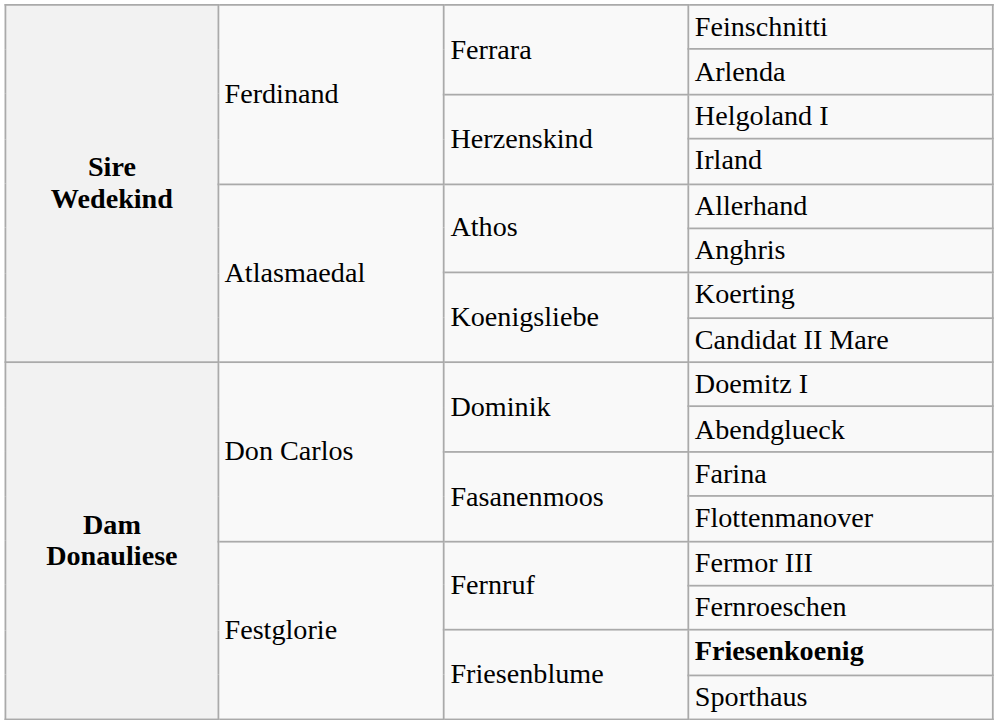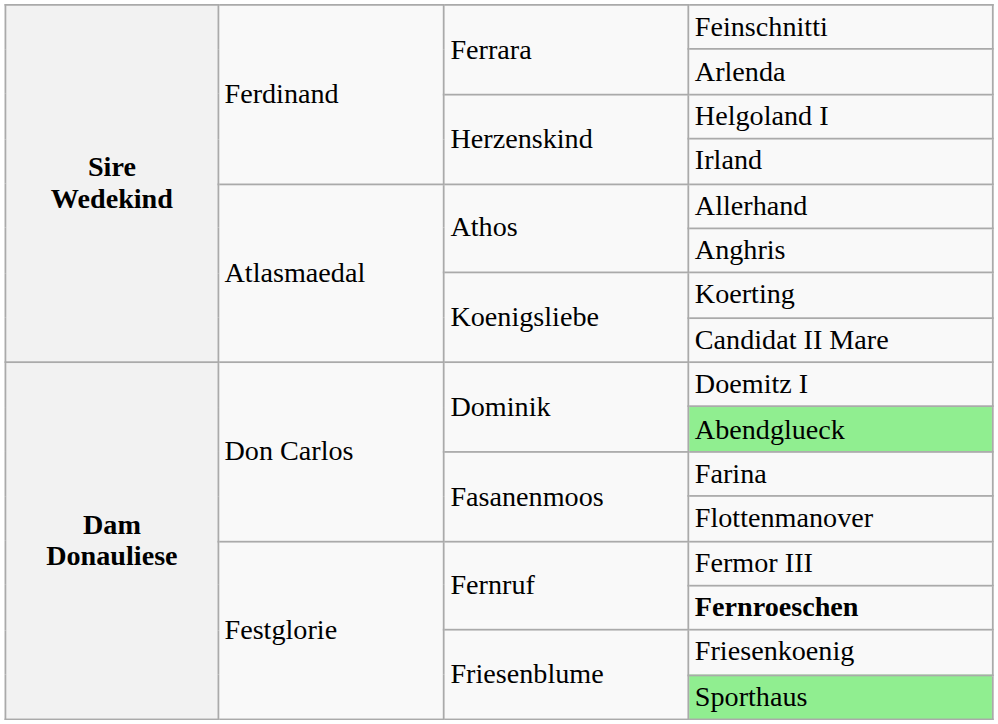 <table class="wikitable" style="clear:both; margin:0em auto; width:90%;">
 <tr>
 <th rowspan="8">Sire<br>Wedekind</th>
 <td rowspan="4">Ferdinand</td>
 <td rowspan="2">Ferrara</td>
 <td>Feinschnitti</td>
 </tr>
 <tr>
 <td>Arlenda</td>
 </tr>
 <tr>
 <td rowspan="2">Herzenskind</td>
 <td>Helgoland I</td>
 </tr>
 <tr>
 <td>Irland</td>
 </tr>
 <tr>
 <td rowspan="4">Atlasmaedal</td>
 <td rowspan="2">Athos</td>
 <td>Allerhand</td>
 </tr>
 <tr>
 <td>Anghris</td>
 </tr>
 <tr>
 <td rowspan="2">Koenigsliebe</td>
 <td>Koerting</td>
 </tr>
 <tr>
 <td>Candidat II Mare</td>
 </tr>
 <tr>
 <th rowspan="8">Dam<br>Donauliese</th>
 <td rowspan="4">Don Carlos</td>
 <td rowspan="2">Dominik</td>
 <td>Doemitz I</td>
 </tr>
 <tr>
-<td>Abendglueck</td>
+<td style="background: lightgreen;">Abendglueck</td>
 </tr>
 <tr>
 <td rowspan="2">Fasanenmoos</td>
 <td>Farina</td>
 </tr>
 <tr>
 <td>Flottenmanover</td>
 </tr>
 <tr>
 <td rowspan="4">Festglorie</td>
 <td rowspan="2">Fernruf</td>
 <td>Fermor III</td>
 </tr>
 <tr>
-<td>Fernroeschen</td>
+<td><strong>Fernroeschen</strong></td>
 </tr>
 <tr>
 <td rowspan="2">Friesenblume</td>
-<td><strong>Friesenkoenig</strong></td>
+<td>Friesenkoenig</td>
 </tr>
 <tr>
-<td>Sporthaus</td>
+<td style="background: lightgreen;">Sporthaus</td>
 </tr>
 </table>
